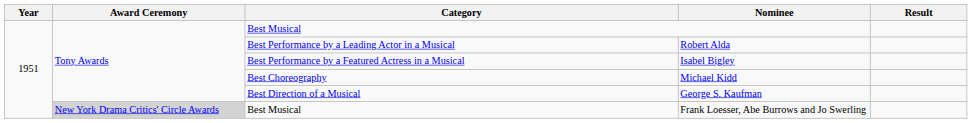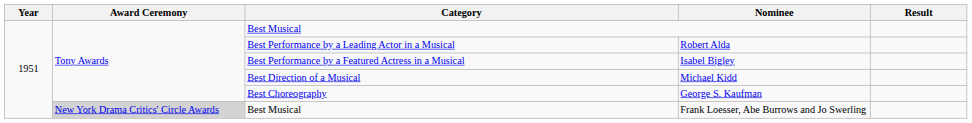 <table class="wikitable" style="width:95%;">
 <tr>
 <th style="width:5%;">Year</th>
 <th style="width:20%;">Award Ceremony</th>
 <th style="width:45%;">Category</th>
 <th style="width:20%;">Nominee</th>
 <th style="width:10%;">Result</th>
 </tr>
 <tr>
 <td rowspan="6" style="text-align:center;">1951</td>
 <td rowspan="5"><a href='#'>Tony Awards</a></td>
 <td colspan="2"><a href='#'>Best Musical</a></td>
 <td></td>
 </tr>
 <tr>
 <td><a href='#'>Best Performance by a Leading Actor in a Musical</a></td>
 <td><a href='#'>Robert Alda</a></td>
 <td></td>
 </tr>
 <tr>
 <td><a href='#'>Best Performance by a Featured Actress in a Musical</a></td>
 <td><a href='#'>Isabel Bigley</a></td>
 <td></td>
 </tr>
 <tr>
-<td><a href='#'>Best Choreography</a></td>
+<td><a href='#'>Best Direction of a Musical</a></td>
 <td><a href='#'>Michael Kidd</a></td>
 <td></td>
 </tr>
 <tr>
-<td><a href='#'>Best Direction of a Musical</a></td>
+<td><a href='#'>Best Choreography</a></td>
 <td><a href='#'>George S. Kaufman</a></td>
 <td></td>
 </tr>
 <tr>
 <td style="background: lightgrey;"><a href='#'>New York Drama Critics' Circle Awards</a></td>
 <td>Best Musical</td>
 <td>Frank Loesser, Abe Burrows and Jo Swerling</td>
 <td></td>
 </tr>
 </table>
